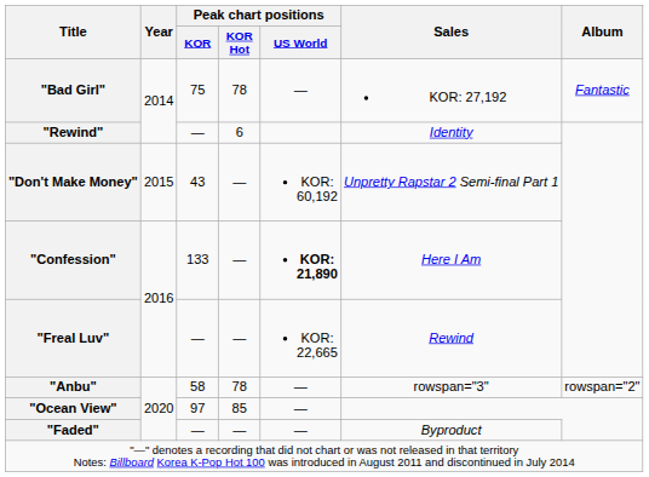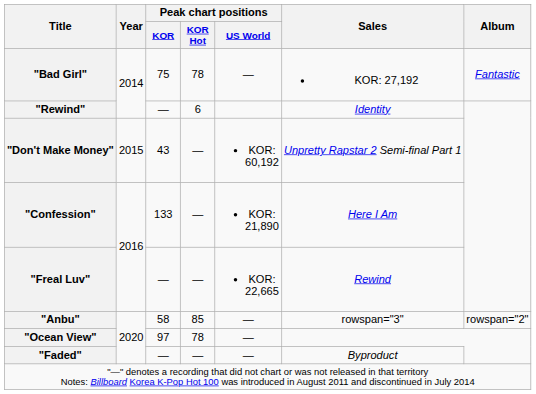 <table class="wikitable plainrowheaders" style="text-align:center">
 <tr>
 <th scope="col" rowspan="2">Title</th>
 <th scope="col" rowspan="2">Year</th>
 <th scope="col" colspan="3">Peak chart positions</th>
 <th scope="col" rowspan="2">Sales<br></th>
 <th scope="col" rowspan="2">Album</th>
 </tr>
 <tr>
 <th scope="col" style="font-size:90%; width:3em"><a href='#'>KOR</a><br></th>
 <th style="width:3em;font-size:90%; width:3em"><a href='#'>KOR Hot</a><br></th>
 <th scope="col" style="font-size:90%; width:3em"><a href='#'>US World</a><br></th>
 </tr>
 <tr>
 <th scope="row">"Bad Girl" </th>
 <td rowspan="2">2014</td>
 <td>75</td>
 <td>78</td>
 <td>—</td>
 <td><br><ul><li>KOR: 27,192</li></ul></td>
 <td><a href='#'><em>Fantastic</em></a></td>
 </tr>
 <tr>
 <th scope="row">"Rewind" </th>
 <td>—</td>
 <td>6</td>
 <td></td>
 <td><em><a href='#'>Identity</a></em></td>
 </tr>
 <tr>
 <th scope="row">"Don't Make Money" </th>
 <td>2015</td>
 <td>43</td>
 <td>—</td>
 <td><br><ul><li>KOR: 60,192</li></ul></td>
 <td><em><a href='#'>Unpretty Rapstar 2</a> Semi-final Part 1</em></td>
 </tr>
 <tr>
 <th scope="row">"Confession" </th>
 <td rowspan="2">2016</td>
 <td>133</td>
 <td>—</td>
-<td><strong><br><ul><li>KOR:  21,890</li></ul></strong></td>
+<td><br><ul><li>KOR:  21,890</li></ul></td>
 <td><a href='#'><em>Here I Am</em></a></td>
 </tr>
 <tr>
 <th scope="row">"Freal Luv" </th>
 <td>—</td>
 <td>—</td>
 <td><br><ul><li>KOR: 22,665</li></ul></td>
 <td><a href='#'><em>Rewind</em></a></td>
 </tr>
 <tr>
 <th scope="row">"Anbu" </th>
 <td rowspan="3">2020</td>
 <td>58</td>
-<td>78</td>
+<td>85</td>
 <td>—</td>
 <td>rowspan="3" </td>
 <td>rowspan="2" </td>
 </tr>
 <tr>
 <th scope="row">"Ocean View" </th>
 <td>97</td>
-<td>85</td>
+<td>78</td>
 <td>—</td>
 </tr>
 <tr>
 <th scope="row">"Faded" </th>
 <td>—</td>
 <td>—</td>
 <td>—</td>
 <td><em>Byproduct</em></td>
 </tr>
 <tr>
 <td colspan="7" style="font-size:85%">"—" denotes a recording that did not chart or was not released in that territory<br>Notes: <em><a href='#'>Billboard</a></em> <a href='#'>Korea K-Pop Hot 100</a> was introduced in August 2011 and discontinued in July 2014</td>
 </tr>
 </table>
